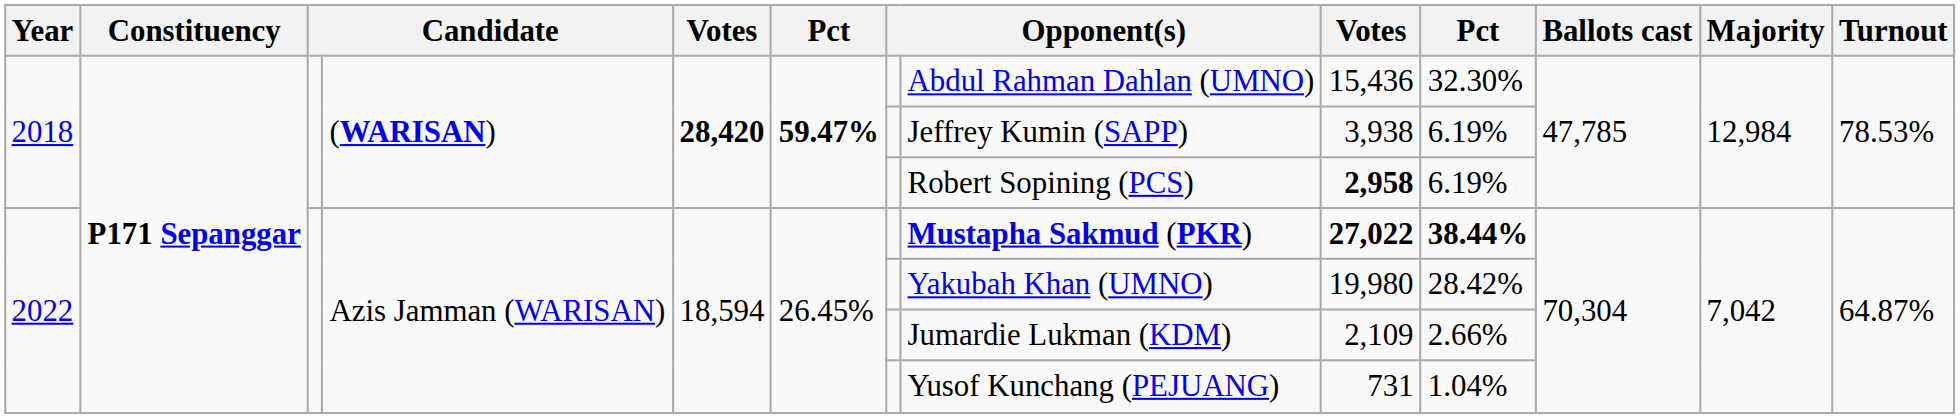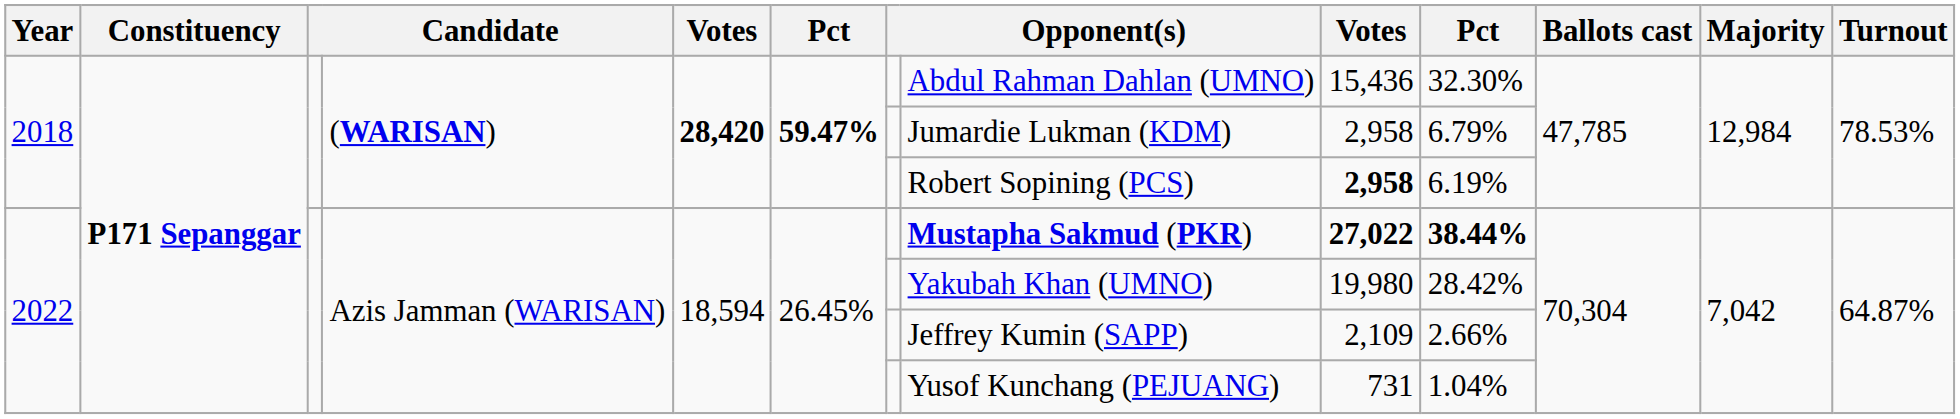 <table class="wikitable" style="margin:0.5em ; font-size:95%">
 <tr>
 <th>Year</th>
 <th>Constituency</th>
 <th colspan=2>Candidate</th>
 <th>Votes</th>
 <th>Pct</th>
 <th colspan=2>Opponent(s)</th>
 <th>Votes</th>
 <th>Pct</th>
 <th>Ballots cast</th>
 <th>Majority</th>
 <th>Turnout</th>
 </tr>
 <tr>
 <td rowspan=3><a href='#'>2018</a></td>
 <td rowspan=7><strong>P171 <a href='#'>Sepanggar</a></strong></td>
 <td rowspan=3 ></td>
 <td rowspan=3><strong></strong> (<a href='#'><strong>WARISAN</strong></a>)</td>
 <td rowspan=3 align="right"><strong>28,420</strong></td>
 <td rowspan=3><strong>59.47%</strong></td>
 <td></td>
 <td><a href='#'>Abdul Rahman Dahlan</a> (<a href='#'>UMNO</a>)</td>
 <td align="right">15,436</td>
 <td>32.30%</td>
 <td rowspan=3>47,785</td>
 <td rowspan=3>12,984</td>
 <td rowspan=3>78.53%</td>
 </tr>
 <tr>
 <td></td>
-<td>Jeffrey Kumin (<a href='#'>SAPP</a>)</td>
-<td align="right">3,938</td>
-<td>6.19%</td>
+<td>Jumardie Lukman	 (<a href='#'>KDM</a>)</td>
+<td align="right">2,958</td>
+<td>6.79%</td>
 </tr>
 <tr>
 <td></td>
 <td>Robert Sopining (<a href='#'>PCS</a>)</td>
 <td align="right"><strong>2,958</strong></td>
 <td>6.19%</td>
 </tr>
 <tr>
 <td rowspan="4"><a href='#'>2022</a></td>
 <td rowspan="4" ></td>
 <td rowspan="4">Azis Jamman (<a href='#'>WARISAN</a>)</td>
 <td rowspan="4" align="right">18,594</td>
 <td rowspan="4">26.45%</td>
 <td></td>
 <td><strong><a href='#'>Mustapha Sakmud</a></strong> (<a href='#'><strong>PKR</strong></a>)</td>
 <td align="right"><strong>27,022</strong></td>
 <td><strong>38.44%</strong></td>
 <td rowspan="4">70,304</td>
 <td rowspan="4">7,042</td>
 <td rowspan="4">64.87%</td>
 </tr>
 <tr>
 <td></td>
 <td><a href='#'>Yakubah Khan</a> (<a href='#'>UMNO</a>)</td>
 <td align="right">19,980</td>
 <td>28.42%</td>
 </tr>
 <tr>
 <td></td>
-<td>Jumardie Lukman	 (<a href='#'>KDM</a>)</td>
+<td>Jeffrey Kumin (<a href='#'>SAPP</a>)</td>
 <td align="right">2,109</td>
 <td>2.66%</td>
 </tr>
 <tr>
 <td></td>
 <td>Yusof Kunchang (<a href='#'>PEJUANG</a>)</td>
 <td align="right">731</td>
 <td>1.04%</td>
 </tr>
 </table>
